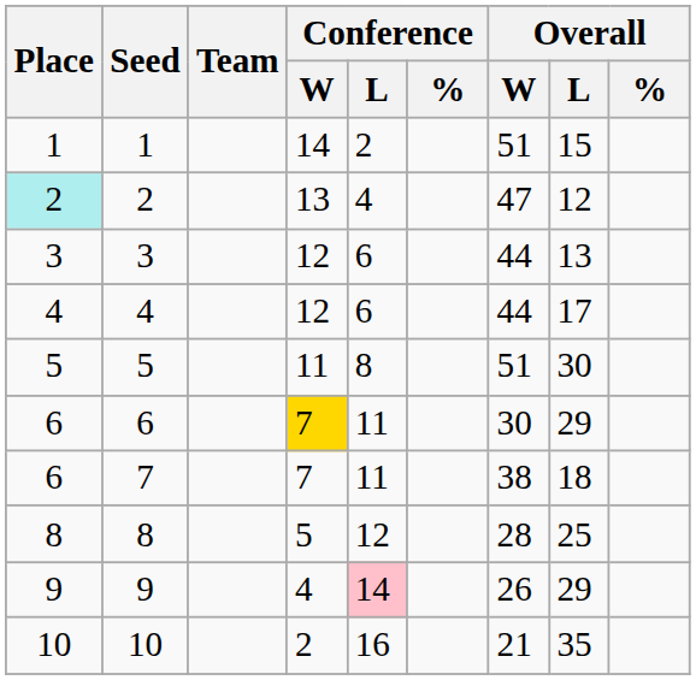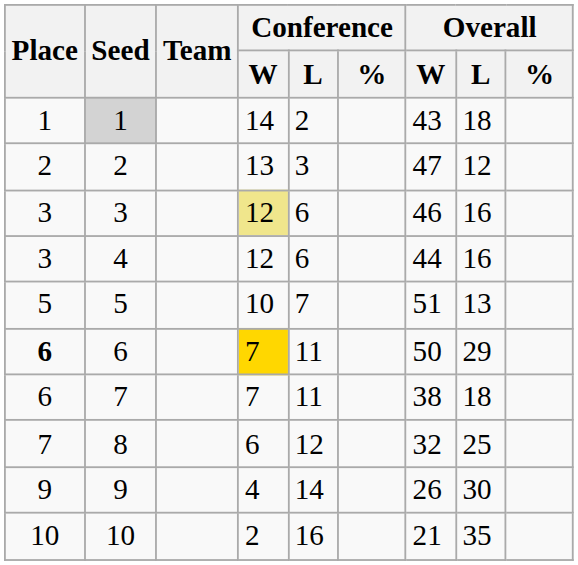 <table class="wikitable">
 <tr>
 <th rowspan ="2">Place</th>
 <th rowspan ="2">Seed</th>
 <th rowspan ="2">Team</th>
 <th colspan = "3">Conference</th>
 <th colspan = "3">Overall</th>
 </tr>
 <tr>
 <th scope="col" style="width: 20px;">W</th>
 <th scope="col" style="width: 20px;">L</th>
 <th scope="col" style="width: 30px;">%</th>
 <th scope="col" style="width: 20px;">W</th>
 <th scope="col" style="width: 20px;">L</th>
 <th scope="col" style="width: 30px;">%</th>
 </tr>
 <tr>
 <td style="text-align:center;">1</td>
-<td style="text-align:center;">1</td>
+<td style="background: lightgrey; text-align:center;">1</td>
 <td></td>
 <td>14</td>
 <td>2</td>
 <td></td>
-<td>51</td>
-<td>15</td>
+<td>43</td>
+<td>18</td>
 <td></td>
 </tr>
 <tr>
-<td style="background: paleturquoise; text-align:center;">2</td>
+<td style="text-align:center;">2</td>
 <td style="text-align:center;">2</td>
 <td></td>
 <td>13</td>
-<td>4</td>
+<td>3</td>
 <td></td>
 <td>47</td>
 <td>12</td>
 <td></td>
 </tr>
 <tr>
 <td style="text-align:center;">3</td>
 <td style="text-align:center;">3</td>
 <td></td>
-<td>12</td>
+<td style="background: khaki;">12</td>
 <td>6</td>
 <td></td>
-<td>44</td>
-<td>13</td>
+<td>46</td>
+<td>16</td>
 <td></td>
 </tr>
 <tr>
-<td style="text-align:center;">4</td>
+<td style="text-align:center;">3</td>
 <td style="text-align:center;">4</td>
 <td></td>
 <td>12</td>
 <td>6</td>
 <td></td>
 <td>44</td>
-<td>17</td>
+<td>16</td>
 <td></td>
 </tr>
 <tr>
 <td style="text-align:center;">5</td>
 <td style="text-align:center;">5</td>
 <td></td>
-<td>11</td>
-<td>8</td>
+<td>10</td>
+<td>7</td>
 <td></td>
 <td>51</td>
-<td>30</td>
+<td>13</td>
 <td></td>
 </tr>
 <tr>
-<td style="text-align:center;">6</td>
+<td style="text-align:center;"><strong>6</strong></td>
 <td style="text-align:center;">6</td>
 <td></td>
 <td style="background: gold;">7</td>
 <td>11</td>
 <td></td>
-<td>30</td>
+<td>50</td>
 <td>29</td>
 <td></td>
 </tr>
 <tr>
 <td style="text-align:center;">6</td>
 <td style="text-align:center;">7</td>
 <td></td>
 <td>7</td>
 <td>11</td>
 <td></td>
 <td>38</td>
 <td>18</td>
 <td></td>
 </tr>
 <tr>
-<td style="text-align:center;">8</td>
+<td style="text-align:center;">7</td>
 <td style="text-align:center;">8</td>
 <td></td>
-<td>5</td>
+<td>6</td>
 <td>12</td>
 <td></td>
-<td>28</td>
+<td>32</td>
 <td>25</td>
 <td></td>
 </tr>
 <tr>
 <td style="text-align:center;">9</td>
 <td style="text-align:center;">9</td>
 <td></td>
 <td>4</td>
-<td style="background: pink;">14</td>
+<td>14</td>
 <td></td>
 <td>26</td>
-<td>29</td>
+<td>30</td>
 <td></td>
 </tr>
 <tr>
 <td style="text-align:center;">10</td>
 <td style="text-align:center;">10</td>
 <td></td>
 <td>2</td>
 <td>16</td>
 <td></td>
 <td>21</td>
 <td>35</td>
 <td></td>
 </tr>
 </table>
